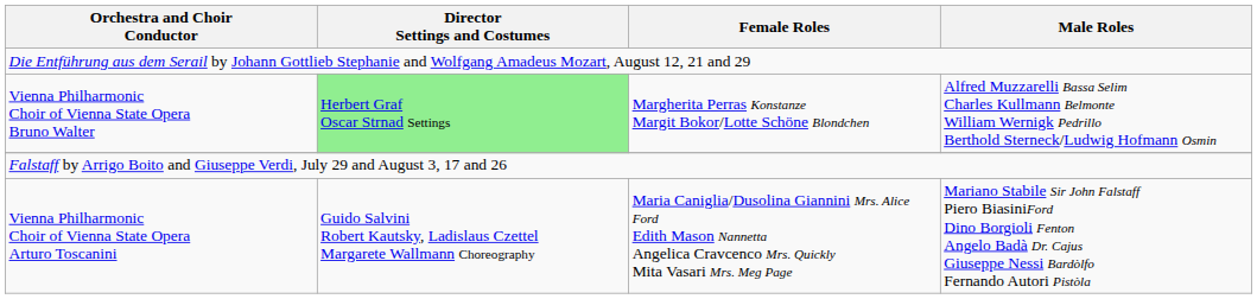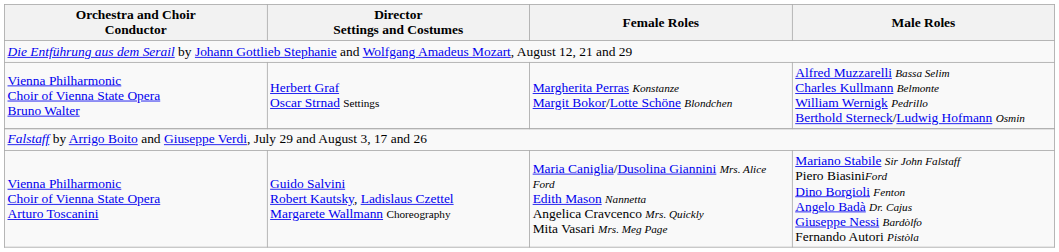 <table style="width:99%;" class="wikitable">
 <tr>
 <th style="width:25%;">Orchestra and Choir<br>Conductor</th>
 <th style="width:25%;">Director<br>Settings and Costumes</th>
 <th style="width:25%;">Female Roles</th>
 <th style="width:25%;">Male Roles</th>
 </tr>
 <tr valign=top>
 <td colspan="9"><em><a href='#'>Die Entführung aus dem Serail</a></em> by <a href='#'>Johann Gottlieb Stephanie</a> and <a href='#'>Wolfgang Amadeus Mozart</a>, August 12, 21 and 29</td>
 </tr>
 <tr>
 <td><a href='#'>Vienna Philharmonic</a><br><a href='#'>Choir of Vienna State Opera</a><br><a href='#'>Bruno Walter</a></td>
-<td style="background: lightgreen;"><a href='#'>Herbert Graf</a><br><a href='#'>Oscar Strnad</a> <small>Settings</small></td>
+<td><a href='#'>Herbert Graf</a><br><a href='#'>Oscar Strnad</a> <small>Settings</small></td>
 <td><a href='#'>Margherita Perras</a> <small><em>Konstanze</em></small><br><a href='#'>Margit Bokor</a>/<a href='#'>Lotte Schöne</a> <small><em>Blondchen</em></small></td>
 <td><a href='#'>Alfred Muzzarelli</a> <small><em>Bassa Selim</em></small><br><a href='#'>Charles Kullmann</a> <small><em>Belmonte</em></small><br><a href='#'>William Wernigk</a> <small><em>Pedrillo</em></small><br><a href='#'>Berthold Sterneck</a>/<a href='#'>Ludwig Hofmann</a> <small><em>Osmin</em></small></td>
 </tr>
 <tr>
 </tr>
 <tr class="hintergrundfarbe8">
 <td colspan="9"><em><a href='#'>Falstaff</a></em> by <a href='#'>Arrigo Boito</a> and <a href='#'>Giuseppe Verdi</a>, July 29 and August 3, 17 and 26</td>
 </tr>
 <tr>
 <td><a href='#'>Vienna Philharmonic</a><br><a href='#'>Choir of Vienna State Opera</a><br><a href='#'>Arturo Toscanini</a></td>
 <td><a href='#'>Guido Salvini</a><br><a href='#'>Robert Kautsky</a>, <a href='#'>Ladislaus Czettel</a><br><a href='#'>Margarete Wallmann</a> <small>Choreography</small></td>
 <td><a href='#'>Maria Caniglia</a>/<a href='#'>Dusolina Giannini</a> <small><em>Mrs. Alice Ford</em></small><br><a href='#'>Edith Mason</a> <small><em>Nannetta</em></small><br>Angelica Cravcenco <small><em>Mrs. Quickly</em></small><br>Mita Vasari <small><em>Mrs. Meg Page</em></small></td>
 <td><a href='#'>Mariano Stabile</a> <small><em>Sir John Falstaff</em></small><br>Piero Biasini<small><em>Ford</em></small><br><a href='#'>Dino Borgioli</a> <small><em>Fenton</em></small><br><a href='#'>Angelo Badà</a> <small><em>Dr. Cajus</em></small><br><a href='#'>Giuseppe Nessi</a> <small><em>Bardòlfo</em></small><br>Fernando Autori <small><em>Pistòla</em></small></td>
 </tr>
 </table>
